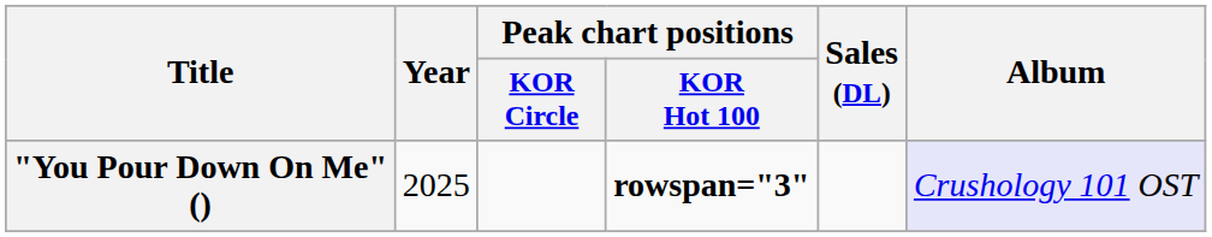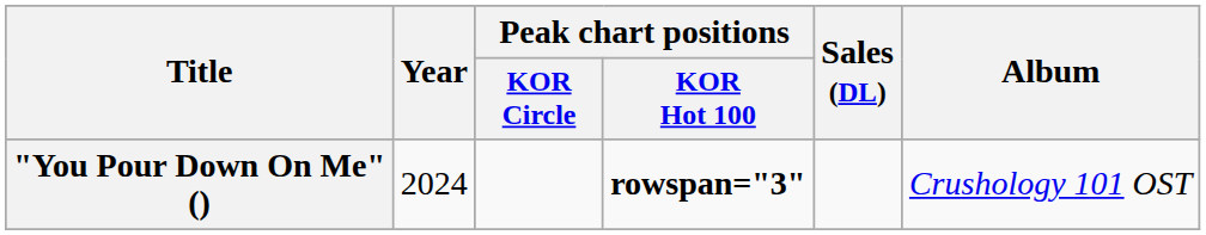 <table class="wikitable plainrowheaders" style="text-align:center;">
 <tr>
 <th scope="col" rowspan="2">Title</th>
 <th scope="col" rowspan="2">Year</th>
 <th scope="col" colspan="2" style="width:8em;">Peak chart positions</th>
 <th scope="col" rowspan="2">Sales<br><small>(<a href='#'>DL</a>)</small></th>
 <th scope="col" rowspan="2">Album</th>
 </tr>
 <tr>
 <th scope="col" style="width:4em;font-size:85%;"><a href='#'>KOR<br>Circle</a><br></th>
 <th scope="col" style="width:4em;font-size:85%;"><a href='#'>KOR<br>Hot 100</a></th>
 </tr>
 <tr>
 <th scope="row">"You Pour Down On Me"<br>()</th>
-<td>2025</td>
+<td>2024</td>
 <td></td>
 <td><strong>rowspan="3" </strong></td>
 <td></td>
-<td style="background: lavender;"><em><a href='#'>Crushology 101</a></em> <em>OST</em></td>
+<td><em><a href='#'>Crushology 101</a></em> <em>OST</em></td>
 </tr>
 </table>
